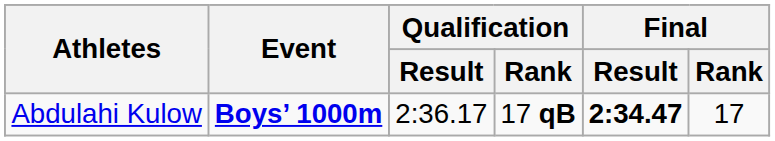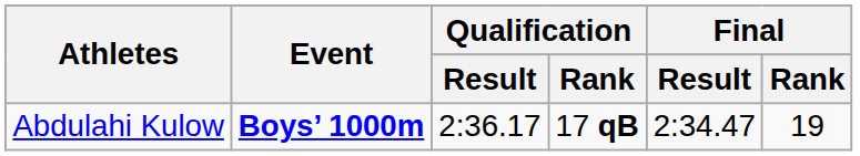 <table class="wikitable" border="1" style="font-size:90%">
 <tr>
 <th rowspan=2>Athletes</th>
 <th rowspan=2>Event</th>
 <th colspan=2>Qualification</th>
 <th colspan=2>Final</th>
 </tr>
 <tr>
 <th>Result</th>
 <th>Rank</th>
 <th>Result</th>
 <th>Rank</th>
 </tr>
 <tr>
 <td><a href='#'>Abdulahi Kulow</a></td>
 <td><strong><a href='#'>Boys’ 1000m</a></strong></td>
 <td align=center>2:36.17</td>
 <td align=center>17 <strong>qB</strong></td>
-<td align=center><strong>2:34.47</strong></td>
-<td align=center>17</td>
+<td align=center>2:34.47</td>
+<td align=center>19</td>
 </tr>
 </table>
